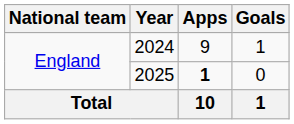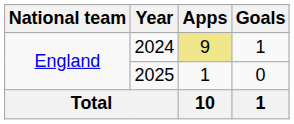 <table class="wikitable" style="text-align: center;">
 <tr>
 <th>National team</th>
 <th>Year</th>
 <th>Apps</th>
 <th>Goals</th>
 </tr>
 <tr>
 <td rowspan="2"><a href='#'>England</a></td>
 <td>2024</td>
-<td>9</td>
+<td style="background: khaki;">9</td>
 <td>1</td>
 </tr>
 <tr>
 <td>2025</td>
-<td><strong>1</strong></td>
+<td>1</td>
 <td>0</td>
 </tr>
 <tr>
 <th colspan="2">Total</th>
 <th>10</th>
 <th>1</th>
 </tr>
 </table>
